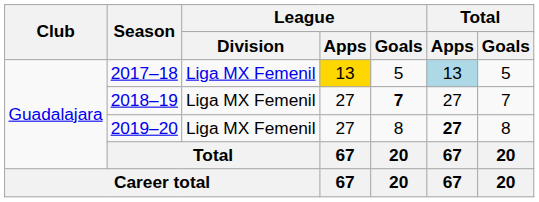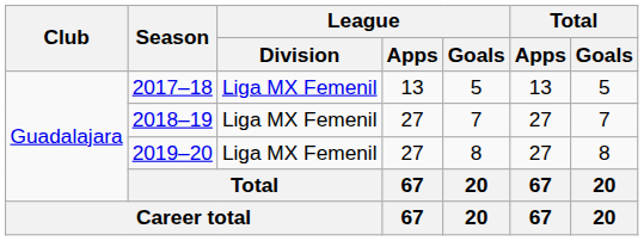 <table class=wikitable style="text-align: center;">
 <tr>
 <th rowspan=2>Club</th>
 <th rowspan=2>Season</th>
 <th colspan=3>League</th>
 <th colspan=2>Total</th>
 </tr>
 <tr>
 <th>Division</th>
 <th>Apps</th>
 <th>Goals</th>
 <th>Apps</th>
 <th>Goals</th>
 </tr>
 <tr>
 <td rowspan=4><a href='#'>Guadalajara</a></td>
 <td><a href='#'>2017–18</a></td>
 <td><a href='#'>Liga MX Femenil</a></td>
-<td style="background: gold;">13</td>
+<td>13</td>
 <td>5</td>
-<td style="background: lightblue;">13</td>
+<td>13</td>
 <td>5</td>
 </tr>
 <tr>
 <td><a href='#'>2018–19</a></td>
 <td>Liga MX Femenil</td>
 <td>27</td>
-<td><strong>7</strong></td>
+<td>7</td>
 <td>27</td>
 <td>7</td>
 </tr>
 <tr>
 <td><a href='#'>2019–20</a></td>
 <td>Liga MX Femenil</td>
 <td>27</td>
 <td>8</td>
-<td><strong>27</strong></td>
+<td>27</td>
 <td>8</td>
 </tr>
 <tr>
 <th colspan=2>Total</th>
 <th>67</th>
 <th>20</th>
 <th>67</th>
 <th>20</th>
 </tr>
 <tr>
 <th colspan=3>Career total</th>
 <th>67</th>
 <th>20</th>
 <th>67</th>
 <th>20</th>
 </tr>
 </table>
